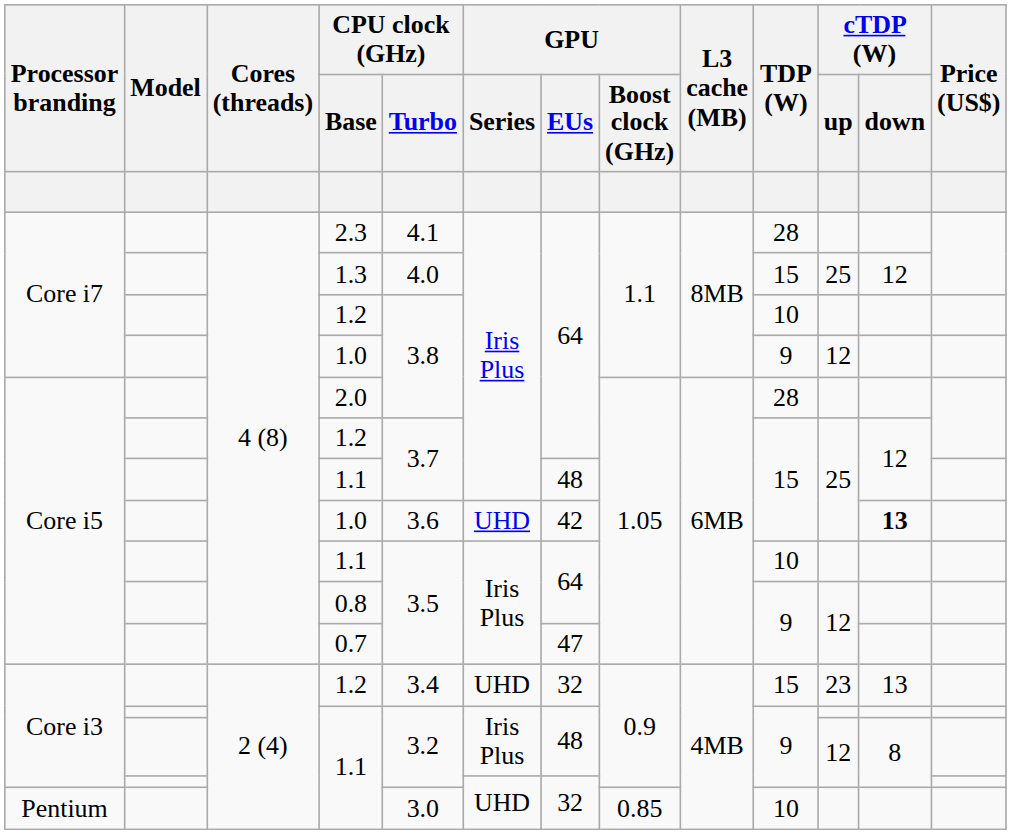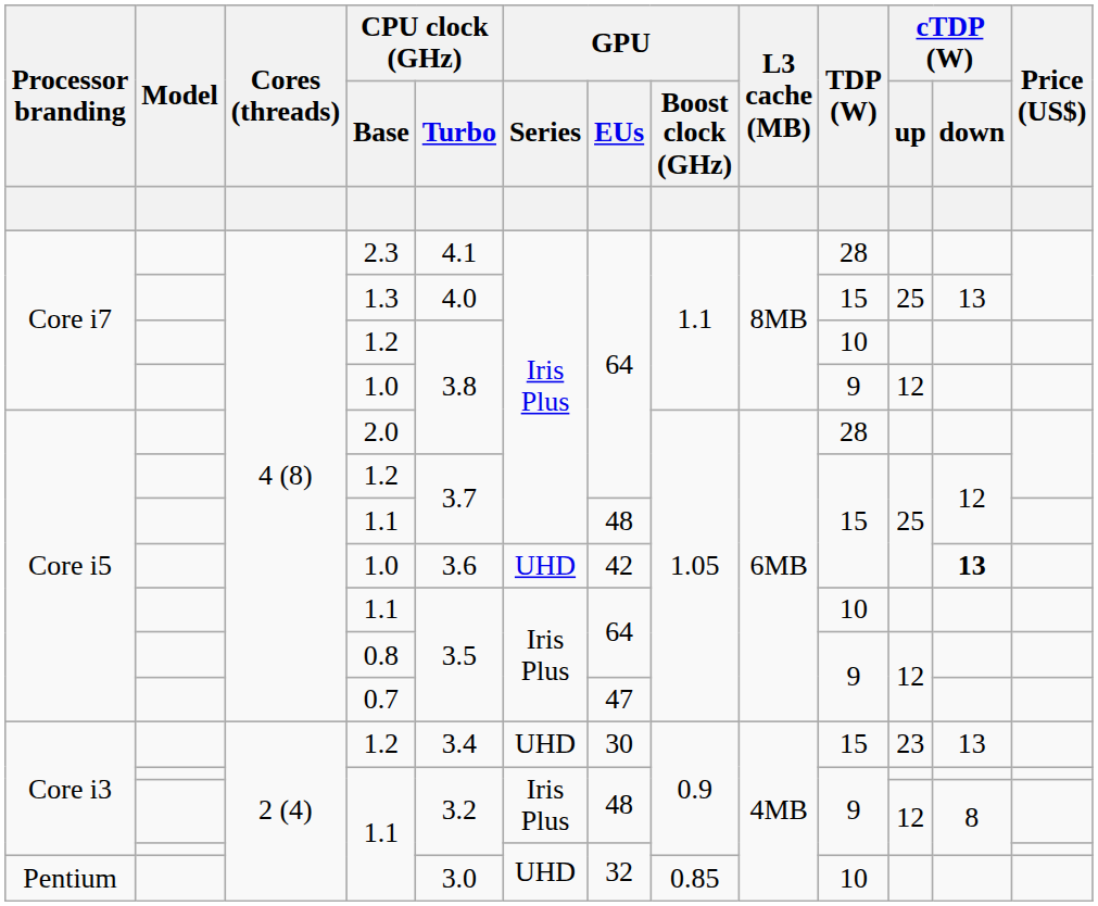 <table class="wikitable sortable mw-datatable" style="text-align: center;">
 <tr style="line-height:110%;">
 <th rowspan="2">Processor<br>branding</th>
 <th rowspan="2">Model</th>
 <th rowspan="2">Cores<br>(threads)</th>
 <th colspan="2">CPU clock<br>(GHz)</th>
 <th colspan="3">GPU</th>
 <th rowspan="2">L3<br>cache<br>(MB)</th>
 <th rowspan="2">TDP<br>(W)</th>
 <th colspan="2"><a href='#'>cTDP</a> (W)</th>
 <th rowspan="2">Price<br>(US$)</th>
 </tr>
 <tr style="line-height:110%;">
 <th>Base</th>
 <th><a href='#'>Turbo</a></th>
 <th>Series</th>
 <th><a href='#'>EUs</a></th>
 <th>Boost<br>clock<br>(GHz)</th>
 <th>up</th>
 <th>down</th>
 </tr>
 <tr>
 <th style="background-position:center"><br></th>
 <th style="background-position:center"></th>
 <th style="background-position:center"></th>
 <th style="background-position:center"></th>
 <th style="background-position:center"></th>
 <th style="background-position:center"></th>
 <th style="background-position:center"></th>
 <th style="background-position:center"></th>
 <th style="background-position:center"></th>
 <th style="background-position:center"></th>
 <th style="background-position:center"></th>
 <th style="background-position:center"></th>
 <th style="background-position:center"></th>
 </tr>
 <tr>
 <td rowspan="4">Core i7</td>
 <td></td>
 <td rowspan="11">4 (8)</td>
 <td>2.3</td>
 <td>4.1</td>
 <td rowspan="7"><a href='#'>Iris Plus</a></td>
 <td rowspan="6">64</td>
 <td rowspan="4">1.1</td>
 <td rowspan="4">8MB</td>
 <td>28</td>
 <td></td>
 <td></td>
 <td rowspan="2"></td>
 </tr>
 <tr>
 <td></td>
 <td>1.3</td>
 <td>4.0</td>
 <td>15</td>
 <td>25</td>
-<td>12</td>
+<td>13</td>
 </tr>
 <tr>
 <td></td>
 <td>1.2</td>
 <td rowspan="3">3.8</td>
 <td>10</td>
 <td></td>
 <td></td>
 <td></td>
 </tr>
 <tr>
 <td></td>
 <td>1.0</td>
 <td>9</td>
 <td>12</td>
 <td></td>
 <td></td>
 </tr>
 <tr>
 <td rowspan="7">Core i5</td>
 <td></td>
 <td>2.0</td>
 <td rowspan="7">1.05</td>
 <td rowspan="7">6MB</td>
 <td>28</td>
 <td></td>
 <td></td>
 <td rowspan="2"></td>
 </tr>
 <tr>
 <td></td>
 <td>1.2</td>
 <td rowspan="2">3.7</td>
 <td rowspan="3">15</td>
 <td rowspan="3">25</td>
 <td rowspan="2">12</td>
 </tr>
 <tr>
 <td></td>
 <td>1.1</td>
 <td>48</td>
 <td></td>
 </tr>
 <tr>
 <td></td>
 <td>1.0</td>
 <td>3.6</td>
 <td><a href='#'>UHD</a></td>
 <td>42</td>
 <td><strong>13</strong></td>
 <td></td>
 </tr>
 <tr>
 <td></td>
 <td>1.1</td>
 <td rowspan="3">3.5</td>
 <td rowspan="3">Iris Plus</td>
 <td rowspan="2">64</td>
 <td>10</td>
 <td></td>
 <td></td>
 <td></td>
 </tr>
 <tr>
 <td></td>
 <td>0.8</td>
 <td rowspan="2">9</td>
 <td rowspan="2">12</td>
 <td></td>
 <td></td>
 </tr>
 <tr>
 <td></td>
 <td>0.7</td>
 <td>47</td>
 <td></td>
 <td></td>
 </tr>
 <tr>
 <td rowspan="4">Core i3</td>
 <td></td>
 <td rowspan="5">2 (4)</td>
 <td>1.2</td>
 <td>3.4</td>
 <td>UHD</td>
-<td>32</td>
+<td>30</td>
 <td rowspan="4">0.9</td>
 <td rowspan="5">4MB</td>
 <td>15</td>
 <td>23</td>
 <td>13</td>
 <td></td>
 </tr>
 <tr>
 <td></td>
 <td rowspan="4">1.1</td>
 <td rowspan="3">3.2</td>
 <td rowspan="2">Iris Plus</td>
 <td rowspan="2">48</td>
 <td rowspan="3">9</td>
 <td></td>
 <td></td>
 <td></td>
 </tr>
 <tr>
 <td></td>
 <td rowspan="2">12</td>
 <td rowspan="2">8</td>
 <td></td>
 </tr>
 <tr>
 <td></td>
 <td rowspan="2">UHD</td>
 <td rowspan="2">32</td>
 <td></td>
 </tr>
 <tr>
 <td>Pentium</td>
 <td></td>
 <td>3.0</td>
 <td>0.85</td>
 <td>10</td>
 <td></td>
 <td></td>
 <td></td>
 </tr>
 </table>
